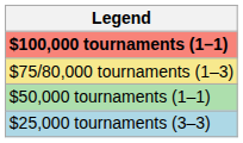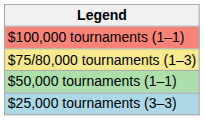 <table class="wikitable" style="font-size:85%;">
 <tr>
 <th>Legend</th>
 </tr>
 <tr style="background:#f88379;">
-<td><strong>$100,000 tournaments (1–1)</strong></td>
+<td>$100,000 tournaments (1–1)</td>
 </tr>
 <tr style="background:#f7e98e;">
 <td>$75/80,000 tournaments (1–3)</td>
 </tr>
 <tr style="background:#addfad;">
 <td>$50,000 tournaments (1–1)</td>
 </tr>
 <tr style="background:lightblue;">
 <td>$25,000 tournaments (3–3)</td>
 </tr>
 </table>
